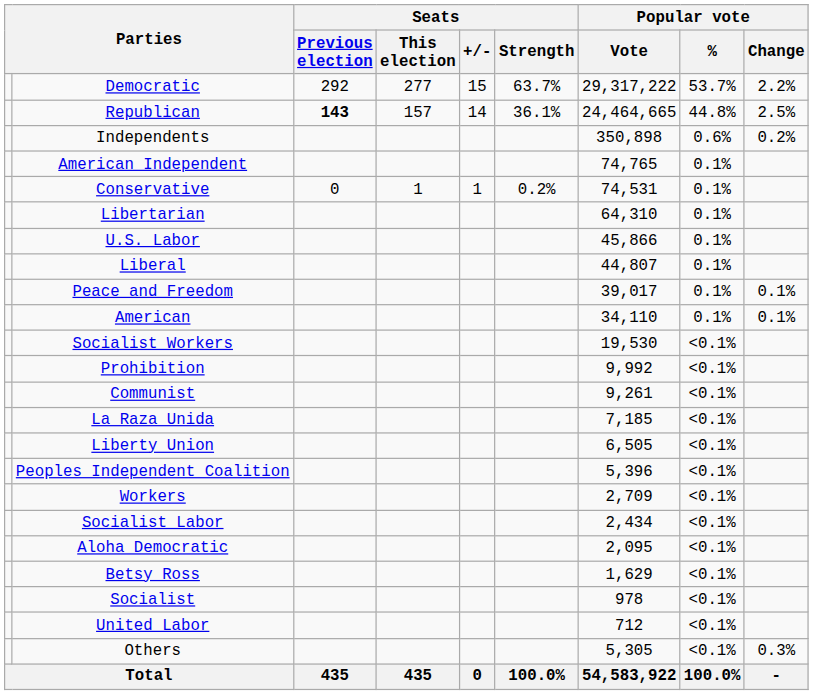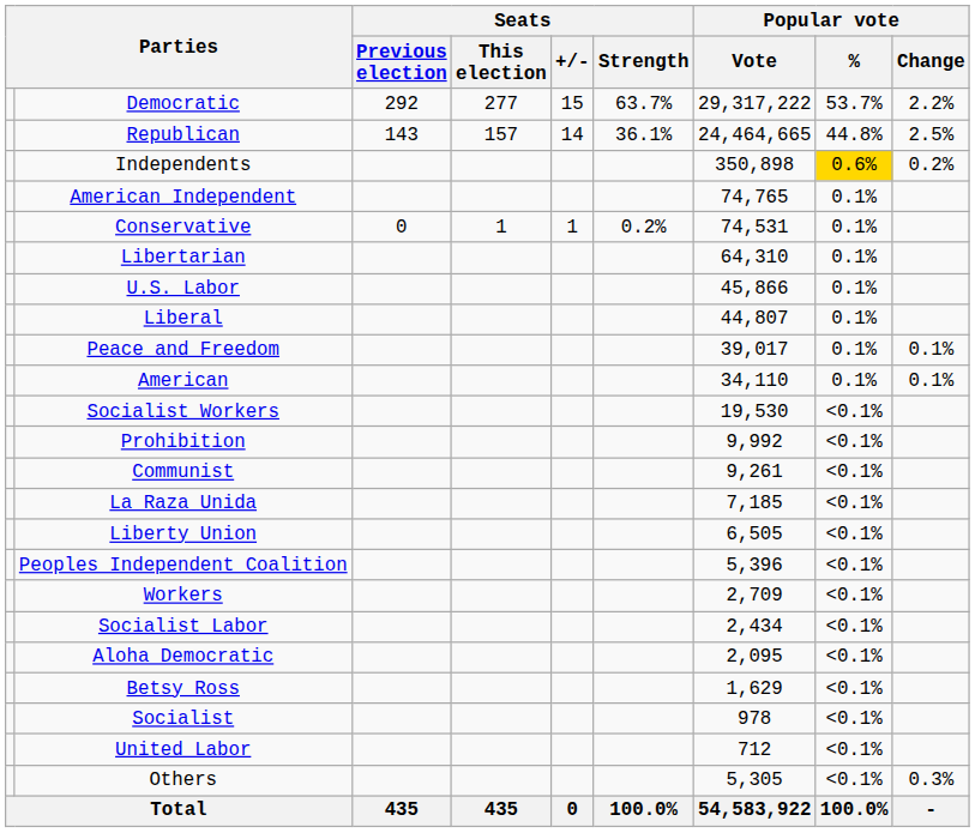 <table class=wikitable style="text-align:center">
 <tr>
 <th rowspan=2 colspan=2>Parties</th>
 <th colspan=4>Seats</th>
 <th colspan=3>Popular vote</th>
 </tr>
 <tr>
 <th><a href='#'>Previous<br>election</a></th>
 <th>This<br>election</th>
 <th>+/-</th>
 <th>Strength</th>
 <th>Vote</th>
 <th>%</th>
 <th>Change</th>
 </tr>
 <tr>
 <td></td>
 <td><a href='#'>Democratic</a></td>
 <td>292</td>
 <td>277</td>
 <td> 15</td>
 <td>63.7%</td>
 <td>29,317,222</td>
 <td>53.7%</td>
 <td> 2.2%</td>
 </tr>
 <tr>
 <td></td>
 <td><a href='#'>Republican</a></td>
-<td><strong>143</strong></td>
+<td>143</td>
 <td>157</td>
 <td> 14</td>
 <td>36.1%</td>
 <td>24,464,665</td>
 <td>44.8%</td>
 <td> 2.5%</td>
 </tr>
 <tr>
 <td></td>
 <td>Independents</td>
 <td></td>
 <td></td>
 <td></td>
 <td></td>
 <td>350,898</td>
-<td>0.6%</td>
+<td style="background: gold;">0.6%</td>
 <td> 0.2%</td>
 </tr>
 <tr>
 <td></td>
 <td><a href='#'>American Independent</a></td>
 <td></td>
 <td></td>
 <td></td>
 <td></td>
 <td>74,765</td>
 <td>0.1%</td>
 <td></td>
 </tr>
 <tr>
 <td></td>
 <td><a href='#'>Conservative</a></td>
 <td>0</td>
 <td>1</td>
 <td> 1</td>
 <td>0.2%</td>
 <td>74,531</td>
 <td>0.1%</td>
 <td></td>
 </tr>
 <tr>
 <td></td>
 <td><a href='#'>Libertarian</a></td>
 <td></td>
 <td></td>
 <td></td>
 <td></td>
 <td>64,310</td>
 <td>0.1%</td>
 <td></td>
 </tr>
 <tr>
 <td></td>
 <td><a href='#'>U.S. Labor</a></td>
 <td></td>
 <td></td>
 <td></td>
 <td></td>
 <td>45,866</td>
 <td>0.1%</td>
 <td></td>
 </tr>
 <tr>
 <td></td>
 <td><a href='#'>Liberal</a></td>
 <td></td>
 <td></td>
 <td></td>
 <td></td>
 <td>44,807</td>
 <td>0.1%</td>
 <td></td>
 </tr>
 <tr>
 <td></td>
 <td><a href='#'>Peace and Freedom</a></td>
 <td></td>
 <td></td>
 <td></td>
 <td></td>
 <td>39,017</td>
 <td>0.1%</td>
 <td> 0.1%</td>
 </tr>
 <tr>
 <td></td>
 <td><a href='#'>American</a></td>
 <td></td>
 <td></td>
 <td></td>
 <td></td>
 <td>34,110</td>
 <td>0.1%</td>
 <td> 0.1%</td>
 </tr>
 <tr>
 <td></td>
 <td><a href='#'>Socialist Workers</a></td>
 <td></td>
 <td></td>
 <td></td>
 <td></td>
 <td>19,530</td>
 <td><0.1%</td>
 <td></td>
 </tr>
 <tr>
 <td></td>
 <td><a href='#'>Prohibition</a></td>
 <td></td>
 <td></td>
 <td></td>
 <td></td>
 <td>9,992</td>
 <td><0.1%</td>
 <td></td>
 </tr>
 <tr>
 <td></td>
 <td><a href='#'>Communist</a></td>
 <td></td>
 <td></td>
 <td></td>
 <td></td>
 <td>9,261</td>
 <td><0.1%</td>
 <td></td>
 </tr>
 <tr>
 <td></td>
 <td><a href='#'>La Raza Unida</a></td>
 <td></td>
 <td></td>
 <td></td>
 <td></td>
 <td>7,185</td>
 <td><0.1%</td>
 <td></td>
 </tr>
 <tr>
 <td></td>
 <td><a href='#'>Liberty Union</a></td>
 <td></td>
 <td></td>
 <td></td>
 <td></td>
 <td>6,505</td>
 <td><0.1%</td>
 <td></td>
 </tr>
 <tr>
 <td></td>
 <td><a href='#'>Peoples Independent Coalition</a></td>
 <td></td>
 <td></td>
 <td></td>
 <td></td>
 <td>5,396</td>
 <td><0.1%</td>
 <td></td>
 </tr>
 <tr>
 <td></td>
 <td><a href='#'>Workers</a></td>
 <td></td>
 <td></td>
 <td></td>
 <td></td>
 <td>2,709</td>
 <td><0.1%</td>
 <td></td>
 </tr>
 <tr>
 <td></td>
 <td><a href='#'>Socialist Labor</a></td>
 <td></td>
 <td></td>
 <td></td>
 <td></td>
 <td>2,434</td>
 <td><0.1%</td>
 <td></td>
 </tr>
 <tr>
 <td></td>
 <td><a href='#'>Aloha Democratic</a></td>
 <td></td>
 <td></td>
 <td></td>
 <td></td>
 <td>2,095</td>
 <td><0.1%</td>
 <td></td>
 </tr>
 <tr>
 <td></td>
 <td><a href='#'>Betsy Ross</a></td>
 <td></td>
 <td></td>
 <td></td>
 <td></td>
 <td>1,629</td>
 <td><0.1%</td>
 <td></td>
 </tr>
 <tr>
 <td></td>
 <td><a href='#'>Socialist</a></td>
 <td></td>
 <td></td>
 <td></td>
 <td></td>
 <td>978</td>
 <td><0.1%</td>
 <td></td>
 </tr>
 <tr>
 <td></td>
 <td><a href='#'>United Labor</a></td>
 <td></td>
 <td></td>
 <td></td>
 <td></td>
 <td>712</td>
 <td><0.1%</td>
 <td></td>
 </tr>
 <tr>
 <td></td>
 <td>Others</td>
 <td></td>
 <td></td>
 <td></td>
 <td></td>
 <td>5,305</td>
 <td><0.1%</td>
 <td> 0.3%</td>
 </tr>
 <tr>
 <th colspan="2">Total</th>
 <th>435</th>
 <th>435</th>
 <th>0</th>
 <th>100.0%</th>
 <th>54,583,922</th>
 <th>100.0%</th>
 <th>-</th>
 </tr>
 </table>
